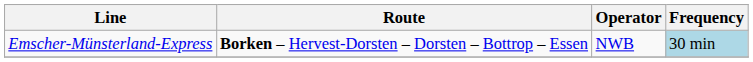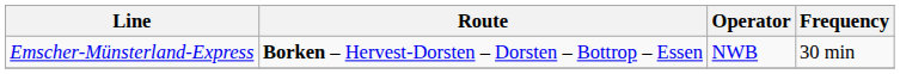 <table class="wikitable">
 <tr>
 <th>Line</th>
 <th>Route</th>
 <th>Operator</th>
 <th>Frequency</th>
 </tr>
 <tr>
 <td> <em><a href='#'>Emscher-Münsterland-Express</a></em></td>
 <td><strong>Borken</strong> –  <a href='#'>Hervest-Dorsten</a> – <a href='#'>Dorsten</a> –  <a href='#'>Bottrop</a> – <a href='#'>Essen</a></td>
 <td><a href='#'>NWB</a></td>
-<td style="background: lightblue; white-space:nowrap;">30 min</td>
+<td style="white-space:nowrap;">30 min</td>
 </tr>
 <tr>
 </tr>
 </table>
